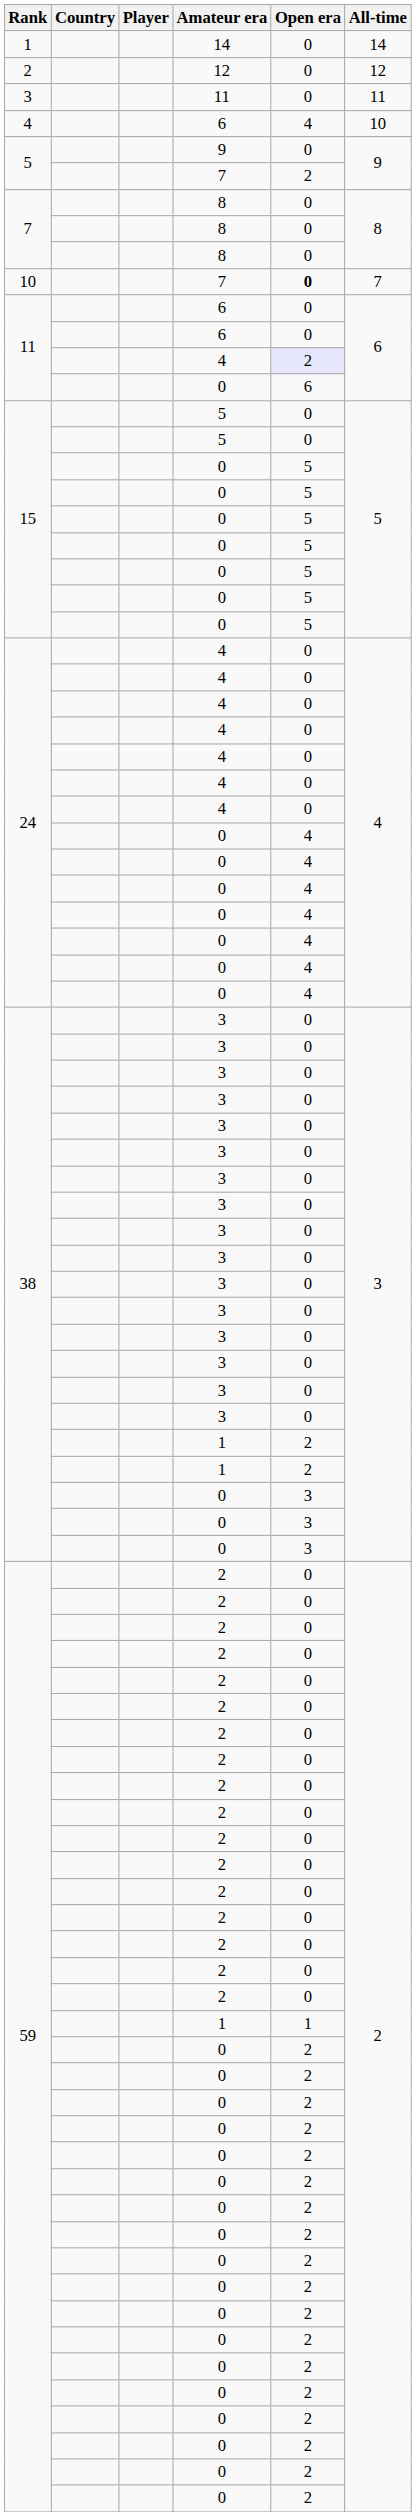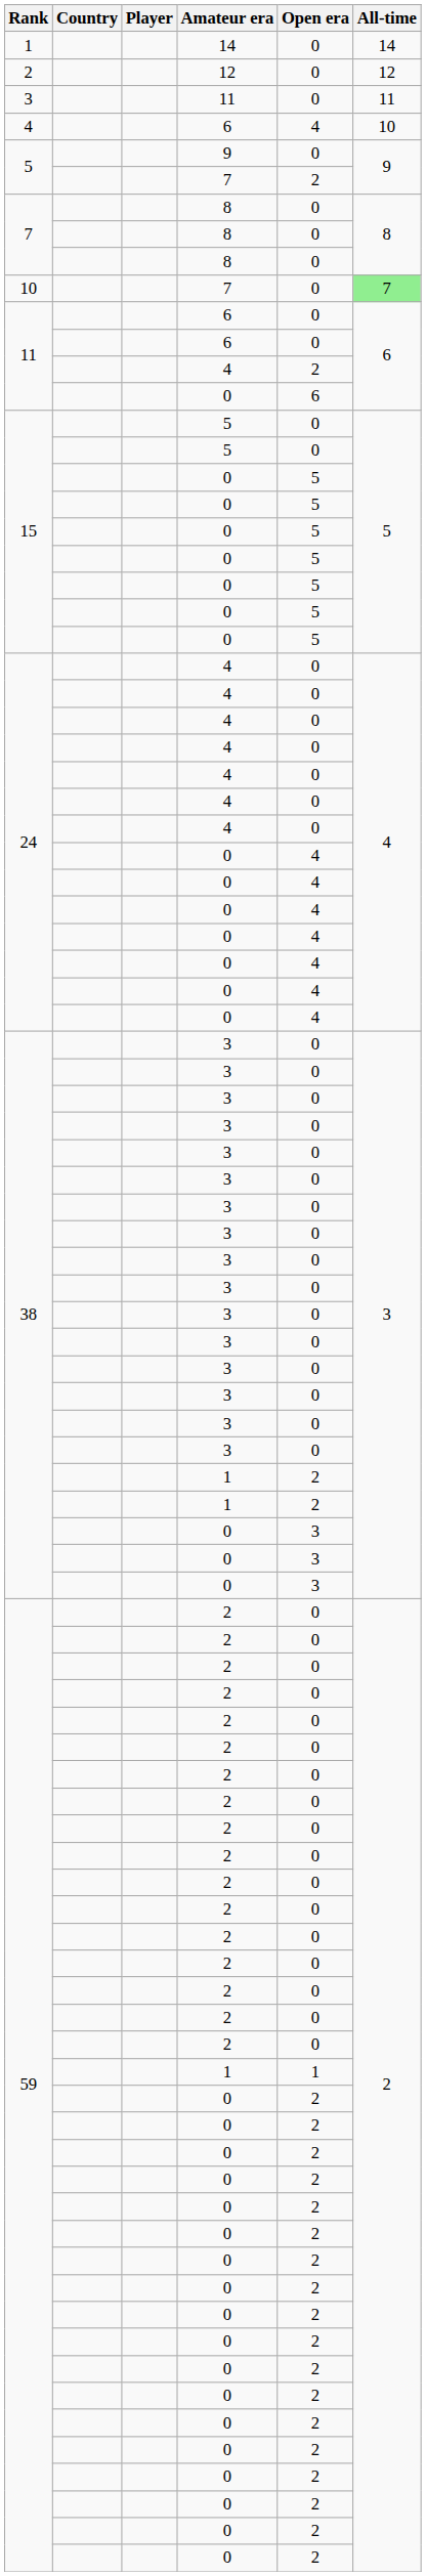 <table class="wikitable sortable">
 <tr>
 <th>Rank</th>
 <th>Country</th>
 <th>Player</th>
 <th>Amateur era</th>
 <th>Open era</th>
 <th>All-time</th>
 </tr>
 <tr>
 <td align=center>1</td>
 <td></td>
 <td></td>
 <td align=center>14</td>
 <td align=center>0</td>
 <td align=center>14</td>
 </tr>
 <tr>
 <td align=center>2</td>
 <td></td>
 <td></td>
 <td align=center>12</td>
 <td align=center>0</td>
 <td align=center>12</td>
 </tr>
 <tr>
 <td align=center>3</td>
 <td></td>
 <td></td>
 <td align=center>11</td>
 <td align=center>0</td>
 <td align=center>11</td>
 </tr>
 <tr>
 <td align=center>4</td>
 <td></td>
 <td></td>
 <td align=center>6</td>
 <td align=center>4</td>
 <td align=center>10</td>
 </tr>
 <tr>
 <td rowspan=2 align=center>5</td>
 <td></td>
 <td></td>
 <td align=center>9</td>
 <td align=center>0</td>
 <td rowspan=2 align=center>9</td>
 </tr>
 <tr>
 <td></td>
 <td></td>
 <td align=center>7</td>
 <td align=center>2</td>
 </tr>
 <tr>
 <td rowspan=3 align=center>7</td>
 <td></td>
 <td></td>
 <td align=center>8</td>
 <td align=center>0</td>
 <td rowspan=3 align=center>8</td>
 </tr>
 <tr>
 <td></td>
 <td></td>
 <td align=center>8</td>
 <td align=center>0</td>
 </tr>
 <tr>
 <td></td>
 <td></td>
 <td align=center>8</td>
 <td align=center>0</td>
 </tr>
 <tr>
 <td align=center>10</td>
 <td></td>
 <td></td>
 <td align=center>7</td>
-<td align=center><strong>0</strong></td>
-<td align=center>7</td>
+<td align=center>0</td>
+<td align=center style="background: lightgreen;">7</td>
 </tr>
 <tr>
 <td rowspan=4 align=center>11</td>
 <td></td>
 <td></td>
 <td align=center>6</td>
 <td align=center>0</td>
 <td rowspan=4 align=center>6</td>
 </tr>
 <tr>
 <td></td>
 <td></td>
 <td align=center>6</td>
 <td align=center>0</td>
 </tr>
 <tr>
 <td></td>
 <td></td>
 <td align=center>4</td>
-<td align=center style="background: lavender;">2</td>
+<td align=center>2</td>
 </tr>
 <tr>
 <td></td>
 <td></td>
 <td align=center>0</td>
 <td align=center>6</td>
 </tr>
 <tr>
 <td rowspan=9 align=center>15</td>
 <td></td>
 <td></td>
 <td align=center>5</td>
 <td align=center>0</td>
 <td rowspan=9 align=center>5</td>
 </tr>
 <tr>
 <td></td>
 <td></td>
 <td align=center>5</td>
 <td align=center>0</td>
 </tr>
 <tr>
 <td></td>
 <td></td>
 <td align=center>0</td>
 <td align=center>5</td>
 </tr>
 <tr>
 <td></td>
 <td></td>
 <td align=center>0</td>
 <td align=center>5</td>
 </tr>
 <tr>
 <td></td>
 <td></td>
 <td align=center>0</td>
 <td align=center>5</td>
 </tr>
 <tr>
 <td></td>
 <td></td>
 <td align=center>0</td>
 <td align=center>5</td>
 </tr>
 <tr>
 <td></td>
 <td><strong></strong></td>
 <td align=center>0</td>
 <td align=center>5</td>
 </tr>
 <tr>
 <td></td>
 <td><strong></strong></td>
 <td align=center>0</td>
 <td align=center>5</td>
 </tr>
 <tr>
 <td></td>
 <td></td>
 <td align="center">0</td>
 <td align=center>5</td>
 </tr>
 <tr>
 <td rowspan=14 align=center>24</td>
 <td></td>
 <td></td>
 <td align=center>4</td>
 <td align=center>0</td>
 <td rowspan=14 align=center>4</td>
 </tr>
 <tr>
 <td></td>
 <td></td>
 <td align=center>4</td>
 <td align=center>0</td>
 </tr>
 <tr>
 <td></td>
 <td></td>
 <td align=center>4</td>
 <td align=center>0</td>
 </tr>
 <tr>
 <td></td>
 <td></td>
 <td align=center>4</td>
 <td align=center>0</td>
 </tr>
 <tr>
 <td></td>
 <td></td>
 <td align=center>4</td>
 <td align=center>0</td>
 </tr>
 <tr>
 <td></td>
 <td></td>
 <td align=center>4</td>
 <td align=center>0</td>
 </tr>
 <tr>
 <td></td>
 <td></td>
 <td align=center>4</td>
 <td align=center>0</td>
 </tr>
 <tr>
 <td></td>
 <td></td>
 <td align=center>0</td>
 <td align=center>4</td>
 </tr>
 <tr>
 <td></td>
 <td></td>
 <td align=center>0</td>
 <td align=center>4</td>
 </tr>
 <tr>
 <td></td>
 <td></td>
 <td align=center>0</td>
 <td align=center>4</td>
 </tr>
 <tr>
 <td></td>
 <td></td>
 <td align=center>0</td>
 <td align=center>4</td>
 </tr>
 <tr>
 <td></td>
 <td></td>
 <td align=center>0</td>
 <td align=center>4</td>
 </tr>
 <tr>
 <td></td>
 <td></td>
 <td align=center>0</td>
 <td align=center>4</td>
 </tr>
 <tr>
 <td></td>
 <td></td>
 <td align="center">0</td>
 <td align=center>4</td>
 </tr>
 <tr>
 <td rowspan=21 align=center>38</td>
 <td></td>
 <td></td>
 <td align=center>3</td>
 <td align=center>0</td>
 <td rowspan=21 align=center>3</td>
 </tr>
 <tr>
 <td></td>
 <td></td>
 <td align=center>3</td>
 <td align=center>0</td>
 </tr>
 <tr>
 <td></td>
 <td></td>
 <td align=center>3</td>
 <td align=center>0</td>
 </tr>
 <tr>
 <td></td>
 <td></td>
 <td align=center>3</td>
 <td align=center>0</td>
 </tr>
 <tr>
 <td></td>
 <td><em></em></td>
 <td align=center>3</td>
 <td align=center>0</td>
 </tr>
 <tr>
 <td></td>
 <td></td>
 <td align=center>3</td>
 <td align=center>0</td>
 </tr>
 <tr>
 <td></td>
 <td></td>
 <td align=center>3</td>
 <td align=center>0</td>
 </tr>
 <tr>
 <td></td>
 <td></td>
 <td align=center>3</td>
 <td align=center>0</td>
 </tr>
 <tr>
 <td></td>
 <td></td>
 <td align=center>3</td>
 <td align=center>0</td>
 </tr>
 <tr>
 <td></td>
 <td></td>
 <td align=center>3</td>
 <td align=center>0</td>
 </tr>
 <tr>
 <td></td>
 <td><em></em></td>
 <td align=center>3</td>
 <td align=center>0</td>
 </tr>
 <tr>
 <td></td>
 <td></td>
 <td align=center>3</td>
 <td align=center>0</td>
 </tr>
 <tr>
 <td></td>
 <td></td>
 <td align=center>3</td>
 <td align=center>0</td>
 </tr>
 <tr>
 <td></td>
 <td></td>
 <td align=center>3</td>
 <td align=center>0</td>
 </tr>
 <tr>
 <td></td>
 <td></td>
 <td align=center>3</td>
 <td align=center>0</td>
 </tr>
 <tr>
 <td></td>
 <td></td>
 <td align=center>3</td>
 <td align=center>0</td>
 </tr>
 <tr>
 <td></td>
 <td></td>
 <td align=center>1</td>
 <td align=center>2</td>
 </tr>
 <tr>
 <td></td>
 <td></td>
 <td align=center>1</td>
 <td align=center>2</td>
 </tr>
 <tr>
 <td></td>
 <td></td>
 <td align=center>0</td>
 <td align=center>3</td>
 </tr>
 <tr>
 <td></td>
 <td><em></em></td>
 <td align=center>0</td>
 <td align=center>3</td>
 </tr>
 <tr>
 <td></td>
 <td></td>
 <td align=center>0</td>
 <td align=center>3</td>
 </tr>
 <tr>
 <td rowspan=37 align=center>59</td>
 <td></td>
 <td></td>
 <td align=center>2</td>
 <td align=center>0</td>
 <td rowspan=37 align=center>2</td>
 </tr>
 <tr>
 <td></td>
 <td></td>
 <td align=center>2</td>
 <td align=center>0</td>
 </tr>
 <tr>
 <td></td>
 <td><em></em></td>
 <td align=center>2</td>
 <td align=center>0</td>
 </tr>
 <tr>
 <td></td>
 <td><em></em></td>
 <td align=center>2</td>
 <td align=center>0</td>
 </tr>
 <tr>
 <td></td>
 <td><em></em></td>
 <td align=center>2</td>
 <td align=center>0</td>
 </tr>
 <tr>
 <td></td>
 <td></td>
 <td align=center>2</td>
 <td align=center>0</td>
 </tr>
 <tr>
 <td></td>
 <td></td>
 <td align=center>2</td>
 <td align=center>0</td>
 </tr>
 <tr>
 <td></td>
 <td></td>
 <td align=center>2</td>
 <td align=center>0</td>
 </tr>
 <tr>
 <td></td>
 <td></td>
 <td align=center>2</td>
 <td align=center>0</td>
 </tr>
 <tr>
 <td></td>
 <td></td>
 <td align=center>2</td>
 <td align=center>0</td>
 </tr>
 <tr>
 <td></td>
 <td></td>
 <td align=center>2</td>
 <td align=center>0</td>
 </tr>
 <tr>
 <td></td>
 <td></td>
 <td align=center>2</td>
 <td align=center>0</td>
 </tr>
 <tr>
 <td></td>
 <td><em></em></td>
 <td align=center>2</td>
 <td align=center>0</td>
 </tr>
 <tr>
 <td></td>
 <td></td>
 <td align=center>2</td>
 <td align=center>0</td>
 </tr>
 <tr>
 <td></td>
 <td><em></em></td>
 <td align=center>2</td>
 <td align=center>0</td>
 </tr>
 <tr>
 <td></td>
 <td></td>
 <td align=center>2</td>
 <td align=center>0</td>
 </tr>
 <tr>
 <td></td>
 <td></td>
 <td align=center>2</td>
 <td align=center>0</td>
 </tr>
 <tr>
 <td></td>
 <td><em></em></td>
 <td align=center>1</td>
 <td align=center>1</td>
 </tr>
 <tr>
 <td></td>
 <td></td>
 <td align=center>0</td>
 <td align=center>2</td>
 </tr>
 <tr>
 <td></td>
 <td></td>
 <td align=center>0</td>
 <td align=center>2</td>
 </tr>
 <tr>
 <td></td>
 <td></td>
 <td align=center>0</td>
 <td align=center>2</td>
 </tr>
 <tr>
 <td></td>
 <td><em></em></td>
 <td align=center>0</td>
 <td align=center>2</td>
 </tr>
 <tr>
 <td></td>
 <td></td>
 <td align=center>0</td>
 <td align=center>2</td>
 </tr>
 <tr>
 <td></td>
 <td><em></em></td>
 <td align=center>0</td>
 <td align=center>2</td>
 </tr>
 <tr>
 <td></td>
 <td></td>
 <td align=center>0</td>
 <td align=center>2</td>
 </tr>
 <tr>
 <td></td>
 <td></td>
 <td align=center>0</td>
 <td align=center>2</td>
 </tr>
 <tr>
 <td></td>
 <td></td>
 <td align=center>0</td>
 <td align=center>2</td>
 </tr>
 <tr>
 <td></td>
 <td></td>
 <td align=center>0</td>
 <td align=center>2</td>
 </tr>
 <tr>
 <td></td>
 <td></td>
 <td align=center>0</td>
 <td align=center>2</td>
 </tr>
 <tr>
 <td></td>
 <td><em></em></td>
 <td align=center>0</td>
 <td align=center>2</td>
 </tr>
 <tr>
 <td></td>
 <td></td>
 <td align=center>0</td>
 <td align=center>2</td>
 </tr>
 <tr>
 <td></td>
 <td></td>
 <td align=center>0</td>
 <td align=center>2</td>
 </tr>
 <tr>
 <td></td>
 <td><em></em></td>
 <td align=center>0</td>
 <td align=center>2</td>
 </tr>
 <tr>
 <td></td>
 <td><em></em></td>
 <td align=center>0</td>
 <td align=center>2</td>
 </tr>
 <tr>
 <td></td>
 <td><em></em></td>
 <td align=center>0</td>
 <td align=center>2</td>
 </tr>
 <tr>
 <td></td>
 <td></td>
 <td align=center>0</td>
 <td align=center>2</td>
 </tr>
 </table>
